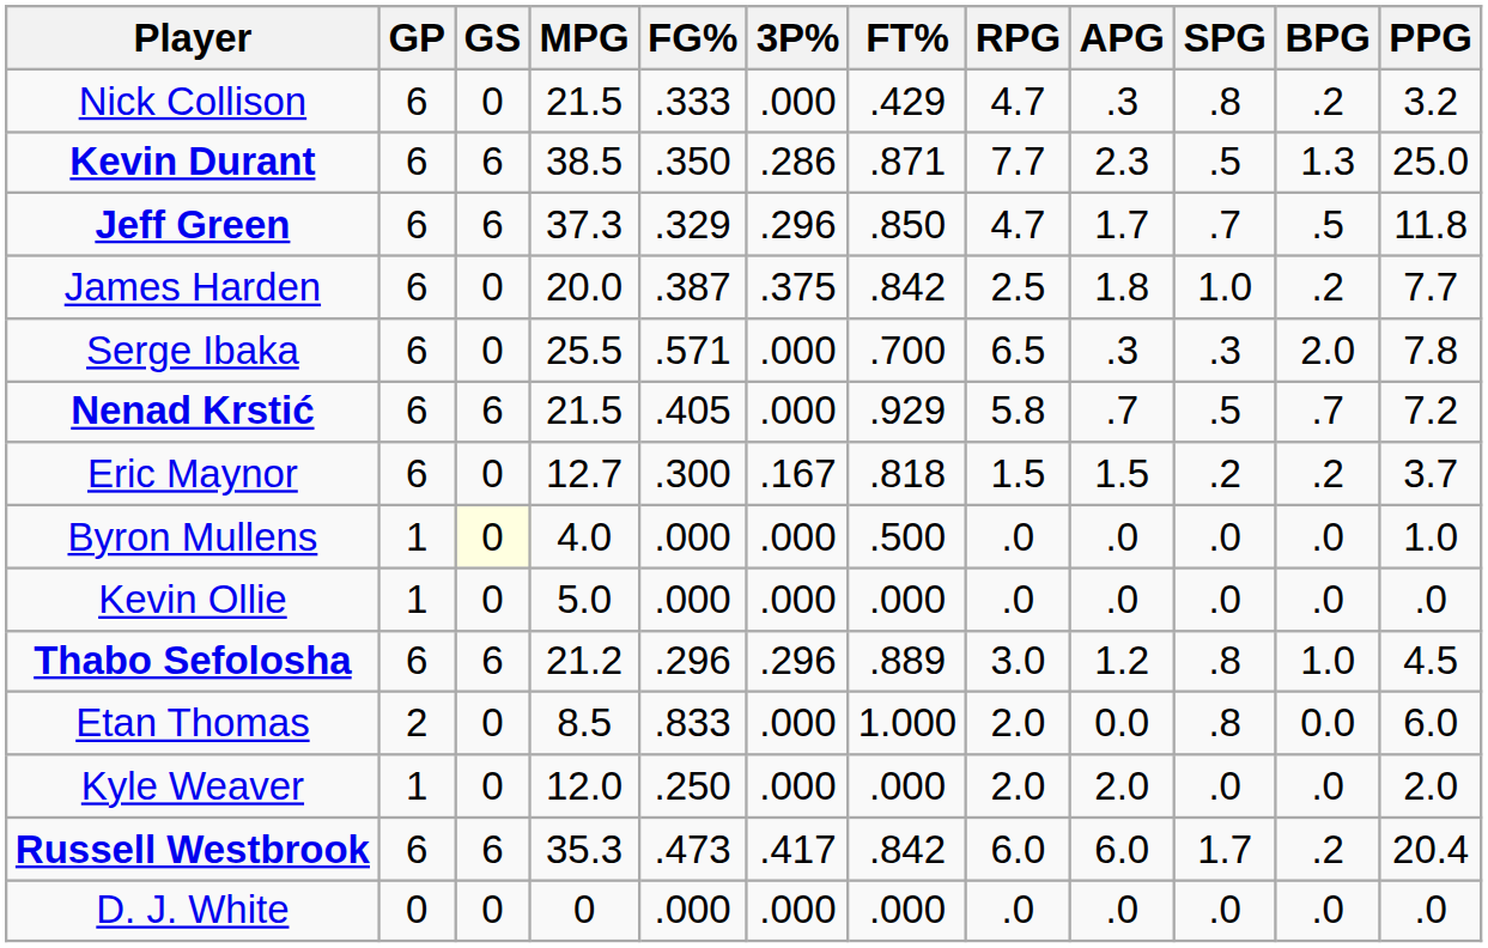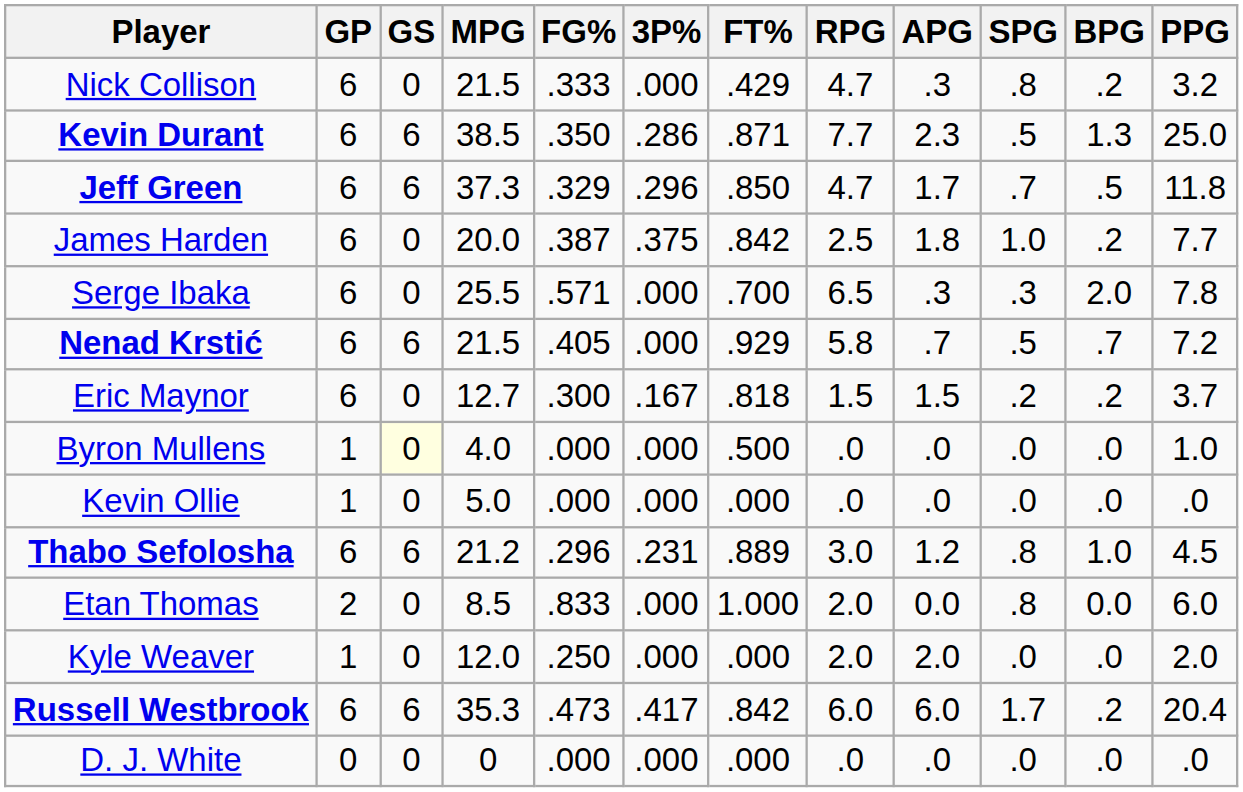 <table class="wikitable sortable" style="font-size:90%; text-align:center;">
 <tr>
 <th>Player</th>
 <th>GP</th>
 <th>GS</th>
 <th>MPG</th>
 <th>FG%</th>
 <th>3P%</th>
 <th>FT%</th>
 <th>RPG</th>
 <th>APG</th>
 <th>SPG</th>
 <th>BPG</th>
 <th>PPG</th>
 </tr>
 <tr>
 <td><a href='#'>Nick Collison</a></td>
 <td>6</td>
 <td>0</td>
 <td>21.5</td>
 <td>.333</td>
 <td>.000</td>
 <td>.429</td>
 <td>4.7</td>
 <td>.3</td>
 <td>.8</td>
 <td>.2</td>
 <td>3.2</td>
 </tr>
 <tr>
 <td><strong><a href='#'>Kevin Durant</a></strong></td>
 <td>6</td>
 <td>6</td>
 <td>38.5</td>
 <td>.350</td>
 <td>.286</td>
 <td>.871</td>
 <td>7.7</td>
 <td>2.3</td>
 <td>.5</td>
 <td>1.3</td>
 <td>25.0</td>
 </tr>
 <tr>
 <td><strong><a href='#'>Jeff Green</a></strong></td>
 <td>6</td>
 <td>6</td>
 <td>37.3</td>
 <td>.329</td>
 <td>.296</td>
 <td>.850</td>
 <td>4.7</td>
 <td>1.7</td>
 <td>.7</td>
 <td>.5</td>
 <td>11.8</td>
 </tr>
 <tr>
 <td><a href='#'>James Harden</a></td>
 <td>6</td>
 <td>0</td>
 <td>20.0</td>
 <td>.387</td>
 <td>.375</td>
 <td>.842</td>
 <td>2.5</td>
 <td>1.8</td>
 <td>1.0</td>
 <td>.2</td>
 <td>7.7</td>
 </tr>
 <tr>
 <td><a href='#'>Serge Ibaka</a></td>
 <td>6</td>
 <td>0</td>
 <td>25.5</td>
 <td>.571</td>
 <td>.000</td>
 <td>.700</td>
 <td>6.5</td>
 <td>.3</td>
 <td>.3</td>
 <td>2.0</td>
 <td>7.8</td>
 </tr>
 <tr>
 <td><strong><a href='#'>Nenad Krstić</a></strong></td>
 <td>6</td>
 <td>6</td>
 <td>21.5</td>
 <td>.405</td>
 <td>.000</td>
 <td>.929</td>
 <td>5.8</td>
 <td>.7</td>
 <td>.5</td>
 <td>.7</td>
 <td>7.2</td>
 </tr>
 <tr>
 <td><a href='#'>Eric Maynor</a></td>
 <td>6</td>
 <td>0</td>
 <td>12.7</td>
 <td>.300</td>
 <td>.167</td>
 <td>.818</td>
 <td>1.5</td>
 <td>1.5</td>
 <td>.2</td>
 <td>.2</td>
 <td>3.7</td>
 </tr>
 <tr>
 <td><a href='#'>Byron Mullens</a></td>
 <td>1</td>
 <td style="background: lightyellow;">0</td>
 <td>4.0</td>
 <td>.000</td>
 <td>.000</td>
 <td>.500</td>
 <td>.0</td>
 <td>.0</td>
 <td>.0</td>
 <td>.0</td>
 <td>1.0</td>
 </tr>
 <tr>
 <td><a href='#'>Kevin Ollie</a></td>
 <td>1</td>
 <td>0</td>
 <td>5.0</td>
 <td>.000</td>
 <td>.000</td>
 <td>.000</td>
 <td>.0</td>
 <td>.0</td>
 <td>.0</td>
 <td>.0</td>
 <td>.0</td>
 </tr>
 <tr>
 <td><strong><a href='#'>Thabo Sefolosha</a></strong></td>
 <td>6</td>
 <td>6</td>
 <td>21.2</td>
 <td>.296</td>
-<td>.296</td>
+<td>.231</td>
 <td>.889</td>
 <td>3.0</td>
 <td>1.2</td>
 <td>.8</td>
 <td>1.0</td>
 <td>4.5</td>
 </tr>
 <tr>
 <td><a href='#'>Etan Thomas</a></td>
 <td>2</td>
 <td>0</td>
 <td>8.5</td>
 <td>.833</td>
 <td>.000</td>
 <td>1.000</td>
 <td>2.0</td>
 <td>0.0</td>
 <td>.8</td>
 <td>0.0</td>
 <td>6.0</td>
 </tr>
 <tr>
 <td><a href='#'>Kyle Weaver</a></td>
 <td>1</td>
 <td>0</td>
 <td>12.0</td>
 <td>.250</td>
 <td>.000</td>
 <td>.000</td>
 <td>2.0</td>
 <td>2.0</td>
 <td>.0</td>
 <td>.0</td>
 <td>2.0</td>
 </tr>
 <tr>
 <td><strong><a href='#'>Russell Westbrook</a></strong></td>
 <td>6</td>
 <td>6</td>
 <td>35.3</td>
 <td>.473</td>
 <td>.417</td>
 <td>.842</td>
 <td>6.0</td>
 <td>6.0</td>
 <td>1.7</td>
 <td>.2</td>
 <td>20.4</td>
 </tr>
 <tr>
 <td><a href='#'>D. J. White</a></td>
 <td>0</td>
 <td>0</td>
 <td>0</td>
 <td>.000</td>
 <td>.000</td>
 <td>.000</td>
 <td>.0</td>
 <td>.0</td>
 <td>.0</td>
 <td>.0</td>
 <td>.0</td>
 </tr>
 </table>
